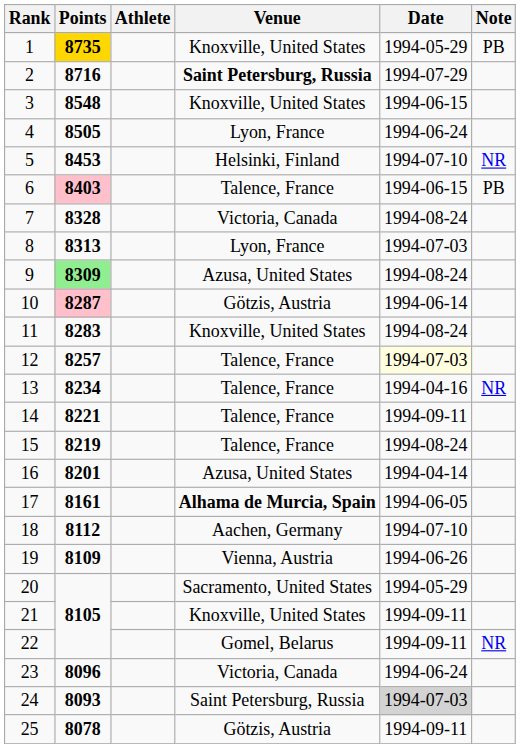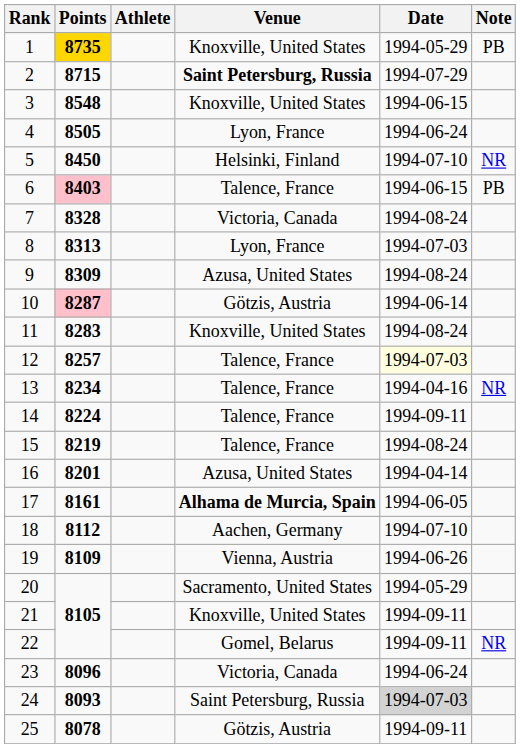 <table class="wikitable" style=" text-align:center;">
 <tr>
 <th>Rank</th>
 <th>Points</th>
 <th>Athlete</th>
 <th>Venue</th>
 <th>Date</th>
 <th>Note</th>
 </tr>
 <tr>
 <td>1</td>
 <td style="background: gold;"><strong>8735</strong></td>
 <td align=left></td>
 <td>Knoxville, United States</td>
 <td>1994-05-29</td>
 <td>PB</td>
 </tr>
 <tr>
 <td>2</td>
-<td><strong>8716</strong></td>
+<td><strong>8715</strong></td>
 <td align=left></td>
 <td><strong>Saint Petersburg, Russia</strong></td>
 <td>1994-07-29</td>
 <td></td>
 </tr>
 <tr>
 <td>3</td>
 <td><strong>8548</strong></td>
 <td align=left></td>
 <td>Knoxville, United States</td>
 <td>1994-06-15</td>
 <td></td>
 </tr>
 <tr>
 <td>4</td>
 <td><strong>8505</strong></td>
 <td align=left></td>
 <td>Lyon, France</td>
 <td>1994-06-24</td>
 <td></td>
 </tr>
 <tr>
 <td>5</td>
-<td><strong>8453</strong></td>
+<td><strong>8450</strong></td>
 <td align=left></td>
 <td>Helsinki, Finland</td>
 <td>1994-07-10</td>
 <td><a href='#'>NR</a></td>
 </tr>
 <tr>
 <td>6</td>
 <td style="background: pink;"><strong>8403</strong></td>
 <td align=left></td>
 <td>Talence, France</td>
 <td>1994-06-15</td>
 <td>PB</td>
 </tr>
 <tr>
 <td>7</td>
 <td><strong>8328</strong></td>
 <td align=left></td>
 <td>Victoria, Canada</td>
 <td>1994-08-24</td>
 <td></td>
 </tr>
 <tr>
 <td>8</td>
 <td><strong>8313</strong></td>
 <td align=left></td>
 <td>Lyon, France</td>
 <td>1994-07-03</td>
 <td></td>
 </tr>
 <tr>
 <td>9</td>
-<td style="background: lightgreen;"><strong>8309</strong></td>
+<td><strong>8309</strong></td>
 <td align=left></td>
 <td>Azusa, United States</td>
 <td>1994-08-24</td>
 <td></td>
 </tr>
 <tr>
 <td>10</td>
 <td style="background: pink;"><strong>8287</strong></td>
 <td align=left></td>
 <td>Götzis, Austria</td>
 <td>1994-06-14</td>
 <td></td>
 </tr>
 <tr>
 <td>11</td>
 <td><strong>8283</strong></td>
 <td align=left></td>
 <td>Knoxville, United States</td>
 <td>1994-08-24</td>
 <td></td>
 </tr>
 <tr>
 <td>12</td>
 <td><strong>8257</strong></td>
 <td align=left></td>
 <td>Talence, France</td>
 <td style="background: lightyellow;">1994-07-03</td>
 <td></td>
 </tr>
 <tr>
 <td>13</td>
 <td><strong>8234</strong></td>
 <td align=left></td>
 <td>Talence, France</td>
 <td>1994-04-16</td>
 <td><a href='#'>NR</a></td>
 </tr>
 <tr>
 <td>14</td>
-<td><strong>8221</strong></td>
+<td><strong>8224</strong></td>
 <td align=left></td>
 <td>Talence, France</td>
 <td>1994-09-11</td>
 <td></td>
 </tr>
 <tr>
 <td>15</td>
 <td><strong>8219</strong></td>
 <td align=left></td>
 <td>Talence, France</td>
 <td>1994-08-24</td>
 <td></td>
 </tr>
 <tr>
 <td>16</td>
 <td><strong>8201</strong></td>
 <td align=left></td>
 <td>Azusa, United States</td>
 <td>1994-04-14</td>
 <td></td>
 </tr>
 <tr>
 <td>17</td>
 <td><strong>8161</strong></td>
 <td align=left></td>
 <td><strong>Alhama de Murcia, Spain</strong></td>
 <td>1994-06-05</td>
 <td></td>
 </tr>
 <tr>
 <td>18</td>
 <td><strong>8112</strong></td>
 <td align=left></td>
 <td>Aachen, Germany</td>
 <td>1994-07-10</td>
 <td></td>
 </tr>
 <tr>
 <td>19</td>
 <td><strong>8109</strong></td>
 <td align=left></td>
 <td>Vienna, Austria</td>
 <td>1994-06-26</td>
 <td></td>
 </tr>
 <tr>
 <td>20</td>
 <td rowspan=3><strong>8105</strong></td>
 <td align=left></td>
 <td>Sacramento, United States</td>
 <td>1994-05-29</td>
 <td></td>
 </tr>
 <tr>
 <td>21</td>
 <td align=left></td>
 <td>Knoxville, United States</td>
 <td>1994-09-11</td>
 <td></td>
 </tr>
 <tr>
 <td>22</td>
 <td align=left></td>
 <td>Gomel, Belarus</td>
 <td>1994-09-11</td>
 <td><a href='#'>NR</a></td>
 </tr>
 <tr>
 <td>23</td>
 <td><strong>8096</strong></td>
 <td align=left></td>
 <td>Victoria, Canada</td>
 <td>1994-06-24</td>
 <td></td>
 </tr>
 <tr>
 <td>24</td>
 <td><strong>8093</strong></td>
 <td align=left></td>
 <td>Saint Petersburg, Russia</td>
 <td style="background: lightgrey;">1994-07-03</td>
 <td></td>
 </tr>
 <tr>
 <td>25</td>
 <td><strong>8078</strong></td>
 <td align=left></td>
 <td>Götzis, Austria</td>
 <td>1994-09-11</td>
 <td></td>
 </tr>
 </table>
